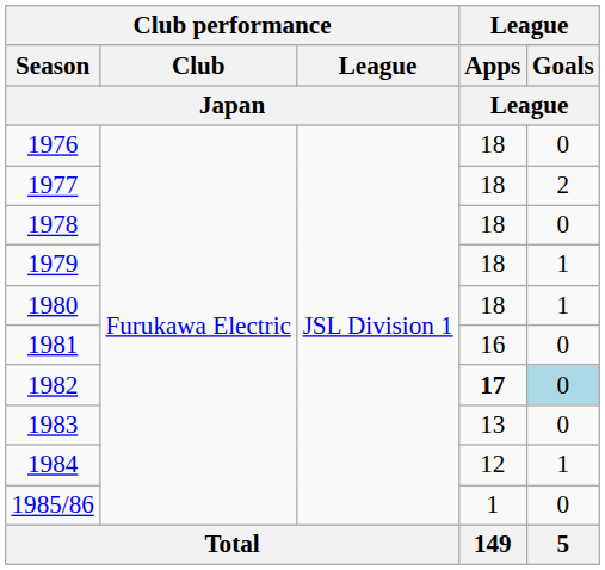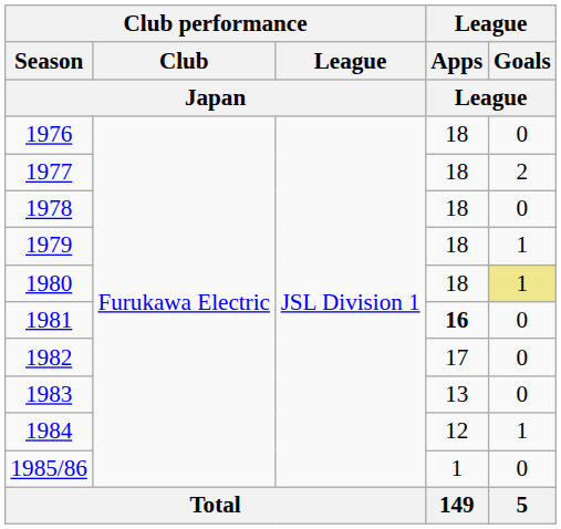 <table class="wikitable" style="text-align:center;">
 <tr>
 <th colspan=3>Club performance</th>
 <th colspan=2>League</th>
 </tr>
 <tr>
 <th>Season</th>
 <th>Club</th>
 <th>League</th>
 <th>Apps</th>
 <th>Goals</th>
 </tr>
 <tr>
 <th colspan=3>Japan</th>
 <th colspan=2>League</th>
 </tr>
 <tr>
 <td><a href='#'>1976</a></td>
 <td rowspan="10"><a href='#'>Furukawa Electric</a></td>
 <td rowspan="10"><a href='#'>JSL Division 1</a></td>
 <td>18</td>
 <td>0</td>
 </tr>
 <tr>
 <td><a href='#'>1977</a></td>
 <td>18</td>
 <td>2</td>
 </tr>
 <tr>
 <td><a href='#'>1978</a></td>
 <td>18</td>
 <td>0</td>
 </tr>
 <tr>
 <td><a href='#'>1979</a></td>
 <td>18</td>
 <td>1</td>
 </tr>
 <tr>
 <td><a href='#'>1980</a></td>
 <td>18</td>
-<td>1</td>
+<td style="background: khaki;">1</td>
 </tr>
 <tr>
 <td><a href='#'>1981</a></td>
-<td>16</td>
+<td><strong>16</strong></td>
 <td>0</td>
 </tr>
 <tr>
 <td><a href='#'>1982</a></td>
-<td><strong>17</strong></td>
-<td style="background: lightblue;">0</td>
+<td>17</td>
+<td>0</td>
 </tr>
 <tr>
 <td><a href='#'>1983</a></td>
 <td>13</td>
 <td>0</td>
 </tr>
 <tr>
 <td><a href='#'>1984</a></td>
 <td>12</td>
 <td>1</td>
 </tr>
 <tr>
 <td><a href='#'>1985/86</a></td>
 <td>1</td>
 <td>0</td>
 </tr>
 <tr>
 <th colspan=3>Total</th>
 <th>149</th>
 <th>5</th>
 </tr>
 </table>
